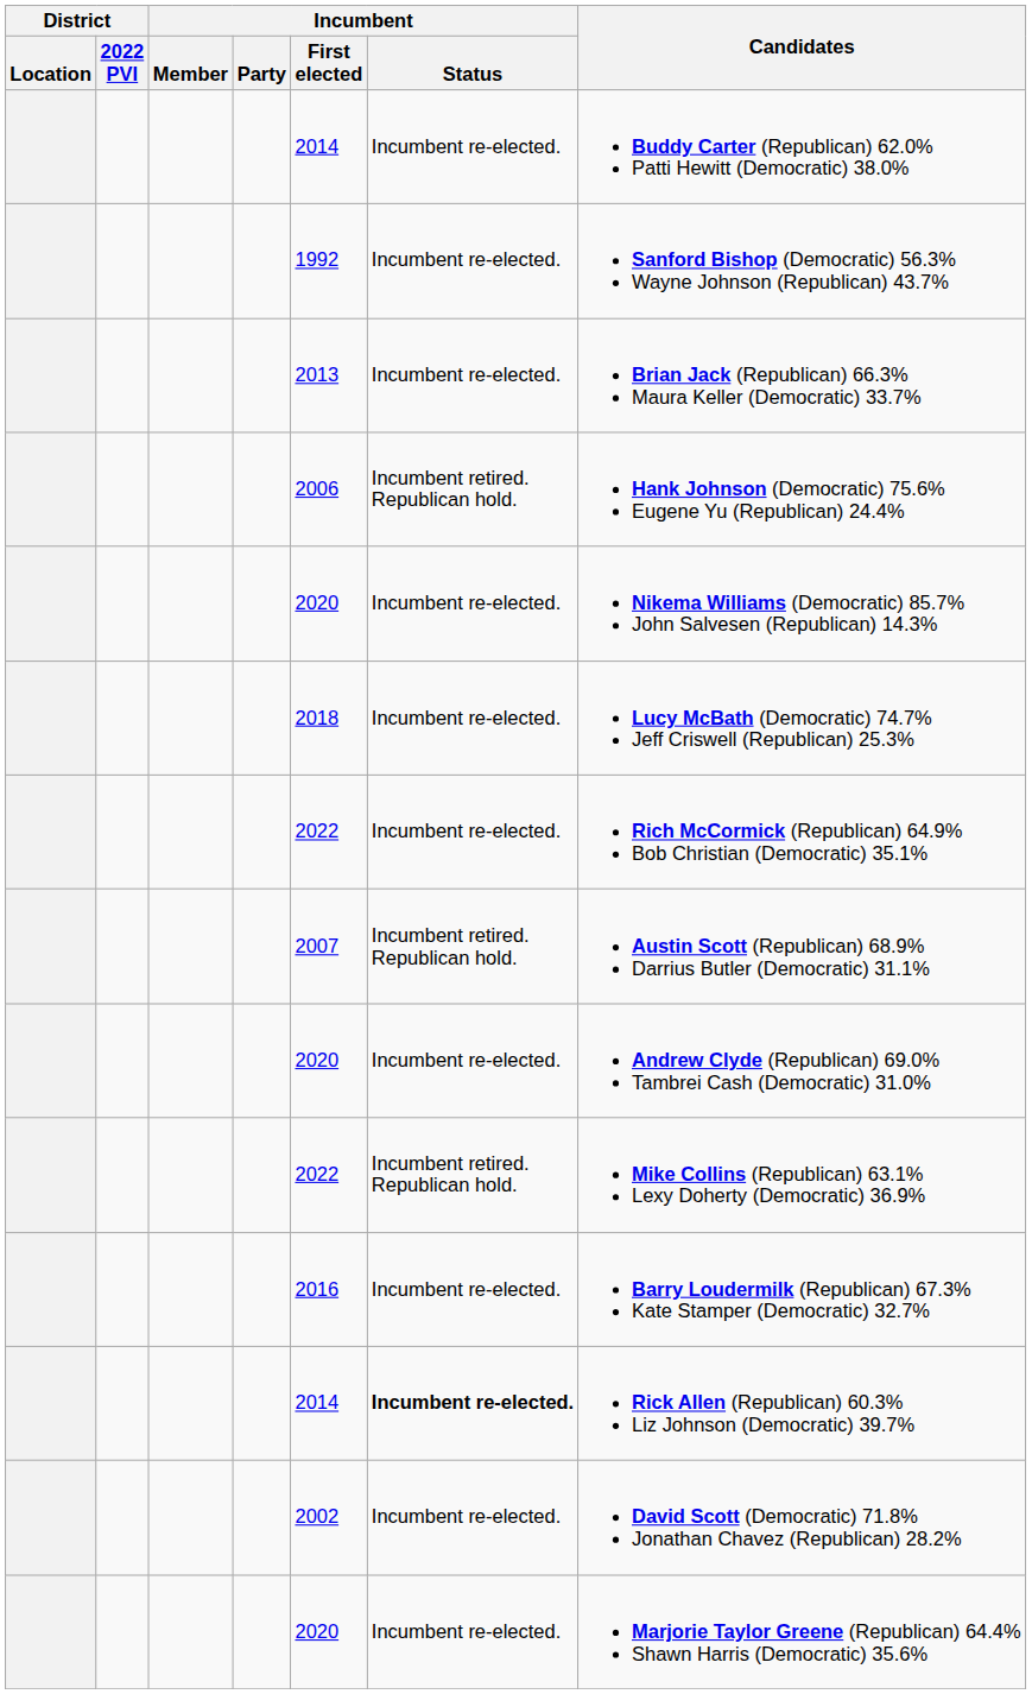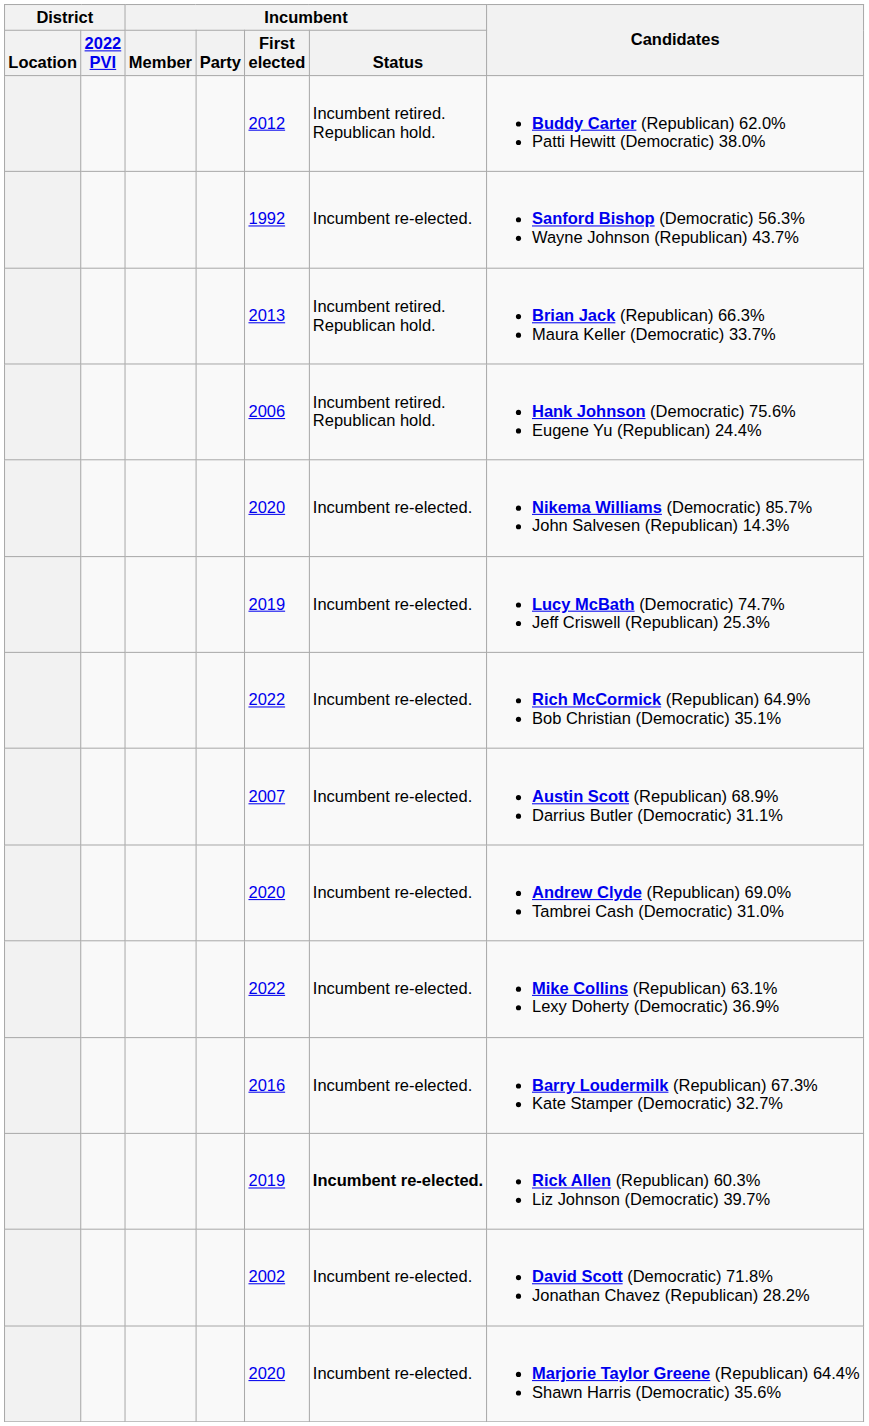 <table class="wikitable sortable">
 <tr>
 <th colspan=2>District</th>
 <th colspan=4>Incumbent</th>
 <th rowspan=2 class="unsortable">Candidates</th>
 </tr>
 <tr valign=bottom>
 <th>Location</th>
 <th><a href='#'>2022<br>PVI</a></th>
 <th>Member</th>
 <th>Party</th>
 <th>First<br>elected</th>
 <th>Status</th>
 </tr>
 <tr>
 <th></th>
 <td></td>
 <td></td>
 <td></td>
-<td><a href='#'>2014</a></td>
-<td>Incumbent re-elected.</td>
+<td><a href='#'>2012</a></td>
+<td>Incumbent retired. <br>Republican hold.</td>
 <td nowrap><br><ul><li> <strong><a href='#'>Buddy Carter</a></strong> (Republican) 62.0%</li><li>Patti Hewitt (Democratic) 38.0%</li></ul></td>
 </tr>
 <tr>
 <th></th>
 <td></td>
 <td></td>
 <td></td>
 <td><a href='#'>1992</a></td>
 <td>Incumbent re-elected.</td>
 <td nowrap><br><ul><li> <strong><a href='#'>Sanford Bishop</a></strong> (Democratic) 56.3%</li><li>Wayne Johnson (Republican) 43.7%</li></ul></td>
 </tr>
 <tr>
 <th></th>
 <td></td>
 <td></td>
 <td></td>
 <td><a href='#'>2013</a></td>
-<td>Incumbent re-elected.</td>
+<td>Incumbent retired. <br>Republican hold.</td>
 <td nowrap><br><ul><li> <strong><a href='#'>Brian Jack</a></strong> (Republican) 66.3%</li><li>Maura Keller (Democratic) 33.7%</li></ul></td>
 </tr>
 <tr>
 <th></th>
 <td></td>
 <td></td>
 <td></td>
 <td><a href='#'>2006</a></td>
 <td>Incumbent retired. <br>Republican hold.</td>
 <td nowrap><br><ul><li> <strong><a href='#'>Hank Johnson</a></strong> (Democratic) 75.6%</li><li>Eugene Yu (Republican) 24.4%</li></ul></td>
 </tr>
 <tr>
 <th></th>
 <td></td>
 <td></td>
 <td></td>
 <td><a href='#'>2020</a></td>
 <td>Incumbent re-elected.</td>
 <td nowrap><br><ul><li> <strong><a href='#'>Nikema Williams</a></strong> (Democratic) 85.7%</li><li>John Salvesen (Republican) 14.3%</li></ul></td>
 </tr>
 <tr>
 <th></th>
 <td></td>
 <td><br></td>
 <td></td>
-<td><a href='#'>2018</a></td>
+<td><a href='#'>2019</a></td>
 <td>Incumbent re-elected.</td>
 <td nowrap><br><ul><li> <strong><a href='#'>Lucy McBath</a></strong> (Democratic) 74.7%</li><li>Jeff Criswell (Republican) 25.3%</li></ul></td>
 </tr>
 <tr>
 <th></th>
 <td></td>
 <td><br></td>
 <td></td>
 <td><a href='#'>2022</a></td>
 <td>Incumbent re-elected.</td>
 <td nowrap><br><ul><li> <strong><a href='#'>Rich McCormick</a></strong> (Republican) 64.9%</li><li>Bob Christian (Democratic) 35.1%</li></ul></td>
 </tr>
 <tr>
 <th></th>
 <td></td>
 <td></td>
 <td></td>
 <td><a href='#'>2007</a></td>
-<td>Incumbent retired. <br>Republican hold.</td>
+<td>Incumbent re-elected.</td>
 <td nowrap><br><ul><li> <strong><a href='#'>Austin Scott</a></strong> (Republican) 68.9%</li><li>Darrius Butler (Democratic) 31.1%</li></ul></td>
 </tr>
 <tr>
 <th></th>
 <td></td>
 <td></td>
 <td></td>
 <td><a href='#'>2020</a></td>
 <td>Incumbent re-elected.</td>
 <td nowrap><br><ul><li> <strong><a href='#'>Andrew Clyde</a></strong> (Republican) 69.0%</li><li>Tambrei Cash (Democratic) 31.0%</li></ul></td>
 </tr>
 <tr>
 <th></th>
 <td></td>
 <td></td>
 <td></td>
 <td><a href='#'>2022</a></td>
-<td>Incumbent retired. <br>Republican hold.</td>
+<td>Incumbent re-elected.</td>
 <td nowrap><br><ul><li> <strong><a href='#'>Mike Collins</a></strong> (Republican) 63.1%</li><li>Lexy Doherty (Democratic) 36.9%</li></ul></td>
 </tr>
 <tr>
 <th></th>
 <td></td>
 <td></td>
 <td></td>
 <td><a href='#'>2016</a></td>
 <td>Incumbent re-elected.</td>
 <td nowrap><br><ul><li> <strong><a href='#'>Barry Loudermilk</a></strong> (Republican) 67.3%</li><li>Kate Stamper (Democratic) 32.7%</li></ul></td>
 </tr>
 <tr>
 <th></th>
 <td></td>
 <td></td>
 <td></td>
-<td><a href='#'>2014</a></td>
+<td><a href='#'>2019</a></td>
 <td><strong>Incumbent re-elected.</strong></td>
 <td nowrap><br><ul><li> <strong><a href='#'>Rick Allen</a></strong> (Republican) 60.3%</li><li>Liz Johnson (Democratic) 39.7%</li></ul></td>
 </tr>
 <tr>
 <th></th>
 <td></td>
 <td></td>
 <td></td>
 <td><a href='#'>2002</a></td>
 <td>Incumbent re-elected.</td>
 <td nowrap><br><ul><li> <strong><a href='#'>David Scott</a></strong> (Democratic) 71.8%</li><li>Jonathan Chavez (Republican) 28.2%</li></ul></td>
 </tr>
 <tr>
 <th></th>
 <td></td>
 <td></td>
 <td></td>
 <td><a href='#'>2020</a></td>
 <td>Incumbent re-elected.</td>
 <td nowrap><br><ul><li> <strong><a href='#'>Marjorie Taylor Greene</a></strong> (Republican) 64.4%</li><li>Shawn Harris (Democratic) 35.6%</li></ul></td>
 </tr>
 </table>
